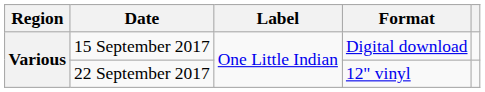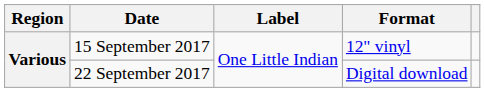 <table class="wikitable sortable plainrowheaders">
 <tr>
 <th scope="col">Region</th>
 <th scope="col">Date</th>
 <th scope="col">Label</th>
 <th scope="col">Format</th>
 <th scope="col" class="unsortable"></th>
 </tr>
 <tr>
 <th scope="row" rowspan="2">Various</th>
 <td>15 September 2017</td>
 <td rowspan="2"><a href='#'>One Little Indian</a></td>
-<td><a href='#'>Digital download</a></td>
+<td><a href='#'>12" vinyl</a></td>
 <td></td>
 </tr>
 <tr>
 <td>22 September 2017</td>
-<td><a href='#'>12" vinyl</a></td>
+<td><a href='#'>Digital download</a></td>
 <td></td>
 </tr>
 </table>
